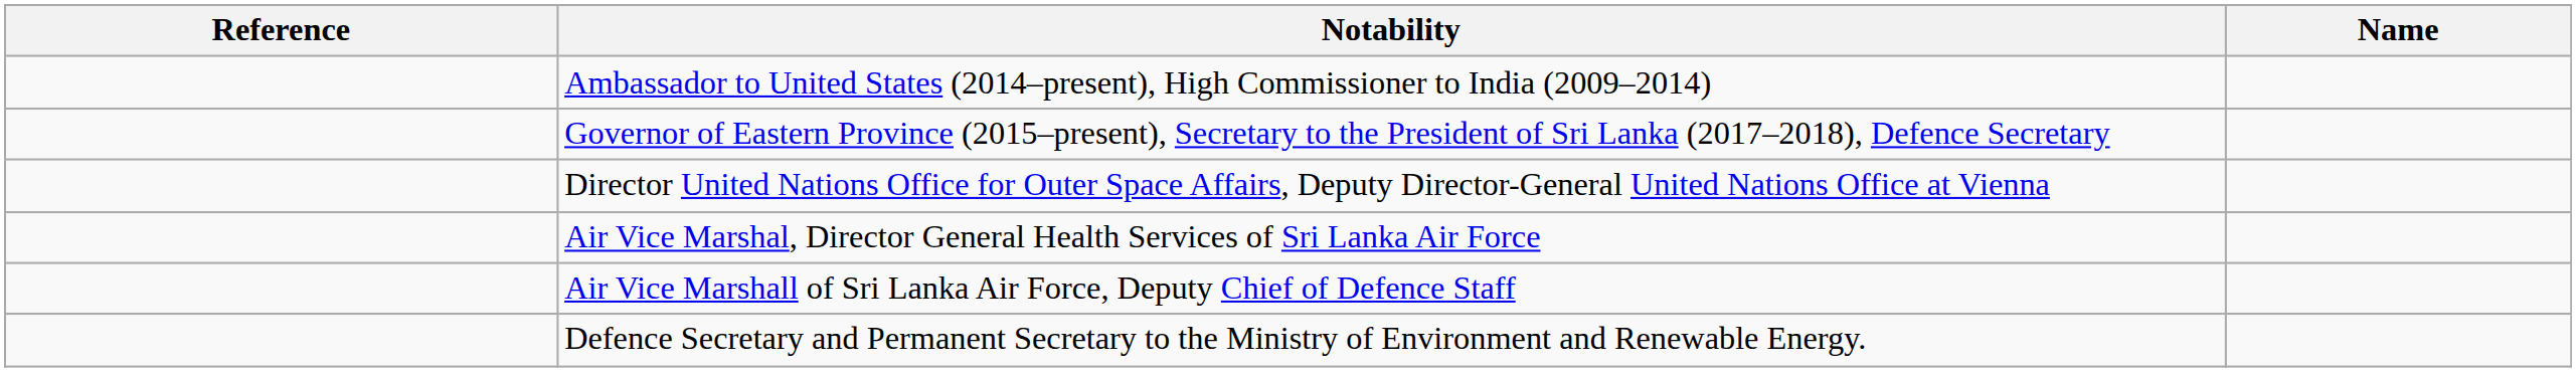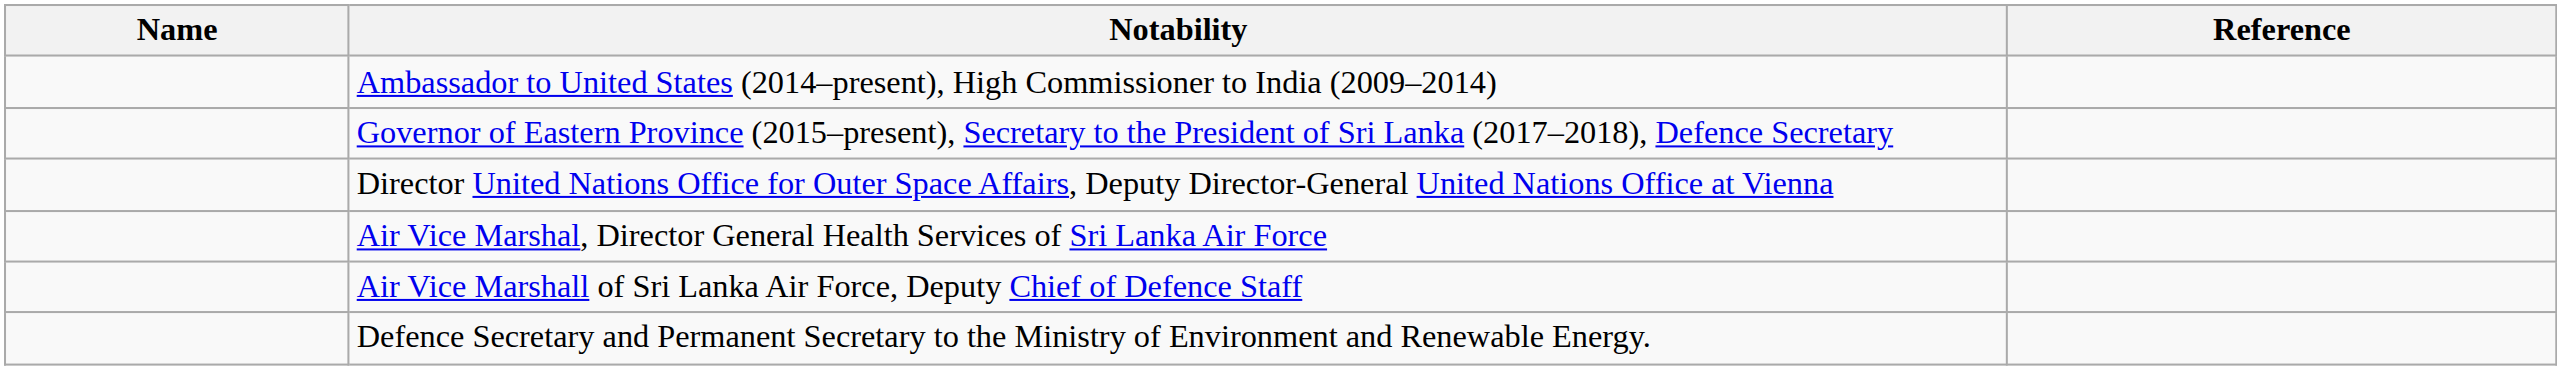 <table class="wikitable sortable" style="width:100%">
 <tr>
+<th style="width:*;">Name</th>
+<th style="width:65%;" class="unsortable">Notability</th>
 <th style="width:*;" class="unsortable">Reference</th>
-<th style="width:65%;" class="unsortable">Notability</th>
-<th style="width:*;">Name</th>
 </tr>
 <tr>
+<td></td>
+<td><a href='#'>Ambassador to United States</a> (2014–present), High Commissioner to India (2009–2014)</td>
 <td style="text-align:center;"></td>
-<td><a href='#'>Ambassador to United States</a> (2014–present), High Commissioner to India (2009–2014)</td>
-<td></td>
 </tr>
 <tr>
+<td></td>
+<td><a href='#'>Governor of Eastern Province</a> (2015–present), <a href='#'>Secretary to the President of Sri Lanka</a> (2017–2018), <a href='#'>Defence Secretary</a></td>
 <td style="text-align:center;"></td>
-<td><a href='#'>Governor of Eastern Province</a> (2015–present), <a href='#'>Secretary to the President of Sri Lanka</a> (2017–2018), <a href='#'>Defence Secretary</a></td>
-<td></td>
 </tr>
 <tr>
+<td></td>
+<td>Director <a href='#'>United Nations Office for Outer Space Affairs</a>, Deputy Director-General <a href='#'>United Nations Office at Vienna</a></td>
 <td style="text-align:center;"></td>
-<td>Director <a href='#'>United Nations Office for Outer Space Affairs</a>, Deputy Director-General <a href='#'>United Nations Office at Vienna</a></td>
-<td></td>
 </tr>
 <tr>
+<td></td>
+<td><a href='#'>Air Vice Marshal</a>, Director General Health Services of <a href='#'>Sri Lanka Air Force</a></td>
 <td style="text-align:center;"></td>
-<td><a href='#'>Air Vice Marshal</a>, Director General Health Services of <a href='#'>Sri Lanka Air Force</a></td>
-<td></td>
 </tr>
 <tr>
+<td></td>
+<td><a href='#'>Air Vice Marshall</a> of Sri Lanka Air Force, Deputy <a href='#'>Chief of Defence Staff</a></td>
 <td style="text-align:center;"></td>
-<td><a href='#'>Air Vice Marshall</a> of Sri Lanka Air Force, Deputy <a href='#'>Chief of Defence Staff</a></td>
-<td></td>
 </tr>
 <tr>
+<td></td>
+<td>Defence Secretary and Permanent Secretary to the Ministry of Environment and Renewable Energy.</td>
 <td style="text-align:center;"></td>
-<td>Defence Secretary and Permanent Secretary to the Ministry of Environment and Renewable Energy.</td>
-<td></td>
 </tr>
 </table>
